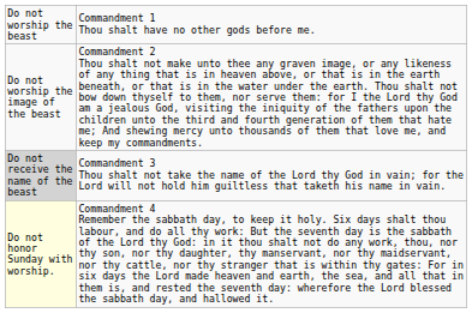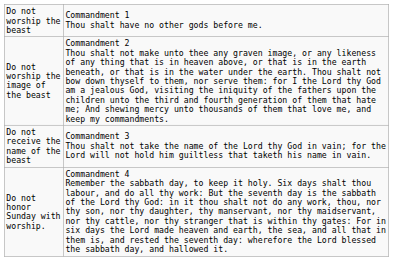 <table class="wikitable">
 <tr>
 <td>Do not worship the beast</td>
 <td>Commandment 1<br>Thou shalt have no other gods before me.</td>
 </tr>
 <tr>
 <td>Do not worship the image of the beast</td>
 <td>Commandment 2<br>Thou shalt not make unto thee any graven image, or any likeness of any thing that is in heaven above, or that is in the earth beneath, or that is in the water under the earth. Thou shalt not bow down thyself to them, nor serve them: for I the Lord thy God am a jealous God, visiting the iniquity of the fathers upon the children unto the third and fourth generation of them that hate me; And shewing mercy unto thousands of them that love me, and keep my commandments.</td>
 </tr>
 <tr>
-<td style="background: lightgrey;">Do not receive the name of the beast</td>
+<td>Do not receive the name of the beast</td>
 <td>Commandment 3<br>Thou shalt not take the name of the Lord thy God in vain; for the Lord will not hold him guiltless that taketh his name in vain.</td>
 </tr>
 <tr>
-<td style="background: lightyellow;">Do not honor Sunday with worship.</td>
+<td>Do not honor Sunday with worship.</td>
 <td>Commandment 4<br>Remember the sabbath day, to keep it holy. Six days shalt thou labour, and do all thy work: But the seventh day is the sabbath of the Lord thy God: in it thou shalt not do any work, thou, nor thy son, nor thy daughter, thy manservant, nor thy maidservant, nor thy cattle, nor thy stranger that is within thy gates: For in six days the Lord made heaven and earth, the sea, and all that in them is, and rested the seventh day: wherefore the Lord blessed the sabbath day, and hallowed it.</td>
 </tr>
 </table>
